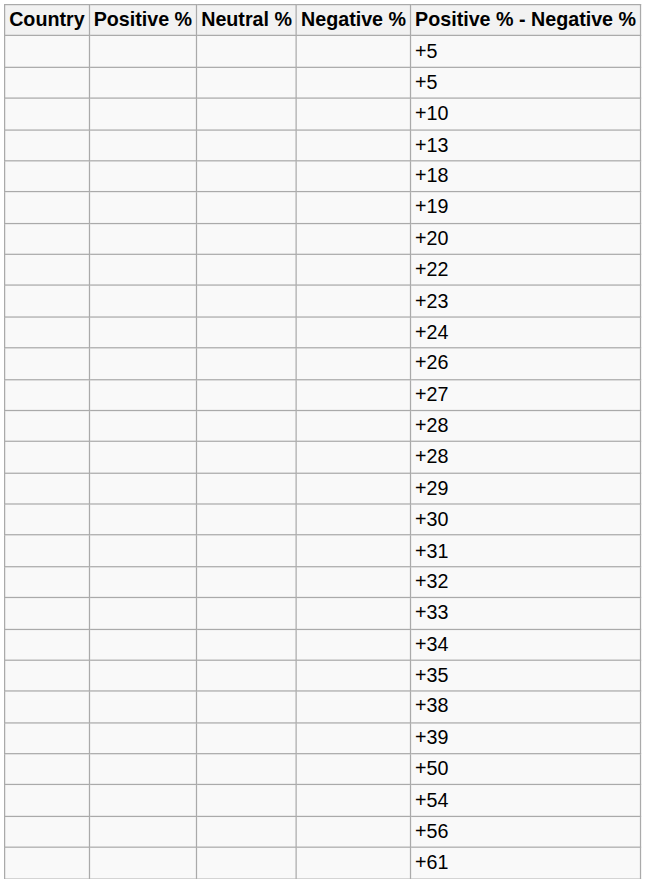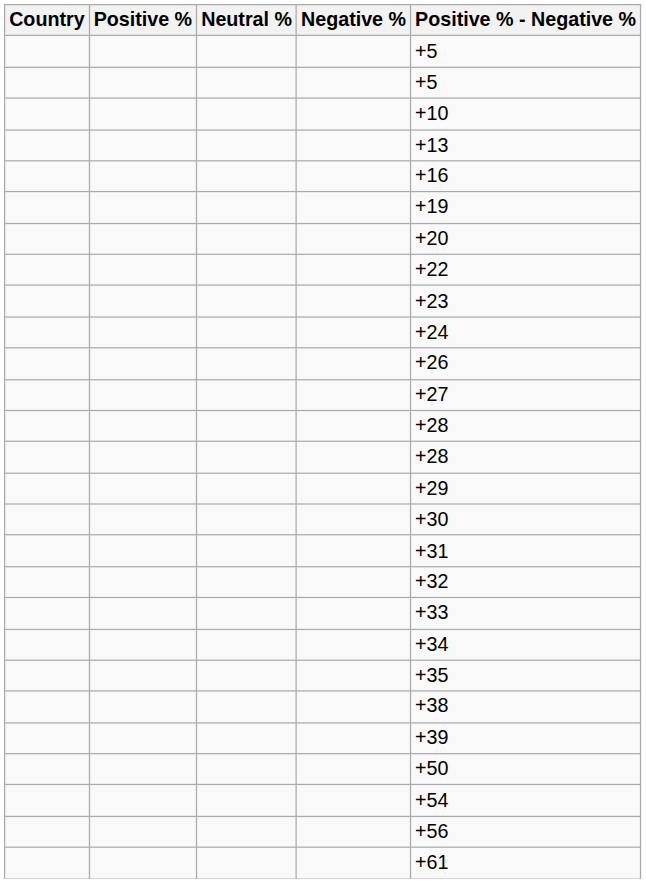 <table class="wikitable sortable sticky-header">
 <tr>
 <th>Country</th>
 <th>Positive %</th>
 <th>Neutral %</th>
 <th>Negative %</th>
 <th>Positive % - Negative %</th>
 </tr>
 <tr>
 <td></td>
 <td></td>
 <td></td>
 <td></td>
 <td><span>+5</span></td>
 </tr>
 <tr>
 <td></td>
 <td></td>
 <td><strong></strong></td>
 <td></td>
 <td><span>+5</span></td>
 </tr>
 <tr>
 <td></td>
 <td><strong></strong></td>
 <td></td>
 <td></td>
 <td><span>+10</span></td>
 </tr>
 <tr>
 <td></td>
 <td><strong></strong></td>
 <td></td>
 <td></td>
 <td><span>+13</span></td>
 </tr>
 <tr>
 <td></td>
 <td></td>
 <td><strong></strong></td>
 <td></td>
-<td><span>+18</span></td>
+<td><span>+16</span></td>
 </tr>
 <tr>
 <td></td>
 <td></td>
 <td><strong></strong></td>
 <td></td>
 <td><span>+19</span></td>
 </tr>
 <tr>
 <td></td>
 <td></td>
 <td><strong></strong></td>
 <td></td>
 <td><span>+20</span></td>
 </tr>
 <tr>
 <td></td>
 <td><strong></strong></td>
 <td></td>
 <td></td>
 <td><span>+22</span></td>
 </tr>
 <tr>
 <td></td>
 <td></td>
 <td><strong></strong></td>
 <td></td>
 <td><span>+23</span></td>
 </tr>
 <tr>
 <td></td>
 <td><strong></strong></td>
 <td></td>
 <td></td>
 <td><span>+24</span></td>
 </tr>
 <tr>
 <td></td>
 <td></td>
 <td></td>
 <td></td>
 <td><span>+26</span></td>
 </tr>
 <tr>
 <td></td>
 <td><strong></strong></td>
 <td></td>
 <td></td>
 <td><span>+27</span></td>
 </tr>
 <tr>
 <td></td>
 <td><strong></strong></td>
 <td></td>
 <td></td>
 <td><span>+28</span></td>
 </tr>
 <tr>
 <td></td>
 <td><strong></strong></td>
 <td></td>
 <td></td>
 <td><span>+28</span></td>
 </tr>
 <tr>
 <td></td>
 <td><strong></strong></td>
 <td></td>
 <td></td>
 <td><span>+29</span></td>
 </tr>
 <tr>
 <td></td>
 <td><strong></strong></td>
 <td></td>
 <td></td>
 <td><span>+30</span></td>
 </tr>
 <tr>
 <td></td>
 <td><strong></strong></td>
 <td></td>
 <td></td>
 <td><span>+31</span></td>
 </tr>
 <tr>
 <td></td>
 <td><strong></strong></td>
 <td></td>
 <td></td>
 <td><span>+32</span></td>
 </tr>
 <tr>
 <td></td>
 <td><strong></strong></td>
 <td></td>
 <td></td>
 <td><span>+33</span></td>
 </tr>
 <tr>
 <td></td>
 <td></td>
 <td><strong></strong></td>
 <td></td>
 <td><span>+34</span></td>
 </tr>
 <tr>
 <td></td>
 <td><strong></strong></td>
 <td></td>
 <td></td>
 <td><span>+35</span></td>
 </tr>
 <tr>
 <td></td>
 <td><strong></strong></td>
 <td></td>
 <td></td>
 <td><span>+38</span></td>
 </tr>
 <tr>
 <td></td>
 <td><strong></strong></td>
 <td></td>
 <td></td>
 <td><span>+39</span></td>
 </tr>
 <tr>
 <td></td>
 <td><strong></strong></td>
 <td></td>
 <td></td>
 <td><span>+50</span></td>
 </tr>
 <tr>
 <td></td>
 <td><strong></strong></td>
 <td></td>
 <td></td>
 <td><span>+54</span></td>
 </tr>
 <tr>
 <td></td>
 <td><strong></strong></td>
 <td></td>
 <td></td>
 <td><span>+56</span></td>
 </tr>
 <tr>
 <td></td>
 <td><strong></strong></td>
 <td></td>
 <td></td>
 <td><span>+61</span></td>
 </tr>
 </table>
